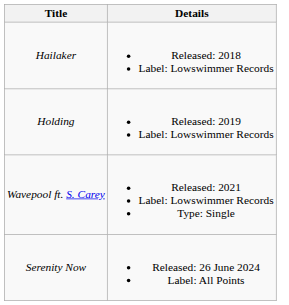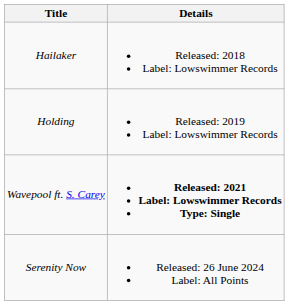 <table class="wikitable plainrowheaders" style="text-align:center;">
 <tr>
 <th rowspan="1" scope="col">Title</th>
 <th rowspan="1" scope="col">Details</th>
 </tr>
 <tr>
 <td scope = "row"><em>Hailaker</em></td>
 <td><br><ul><li>Released: 2018</li><li>Label: Lowswimmer Records</li></ul></td>
 </tr>
 <tr>
 <td scope = "row"><em>Holding</em></td>
 <td><br><ul><li>Released: 2019</li><li>Label: Lowswimmer Records</li></ul></td>
 </tr>
 <tr>
 <td scope = "row"><em>Wavepool ft. <a href='#'>S. Carey</a></em></td>
-<td><br><ul><li>Released: 2021</li><li>Label: Lowswimmer Records</li><li>Type: Single</li></ul></td>
+<td><strong><br><ul><li>Released: 2021</li><li>Label: Lowswimmer Records</li><li>Type: Single</li></ul></strong></td>
 </tr>
 <tr>
 <td scope = "row"><em>Serenity Now</em></td>
 <td><br><ul><li>Released: 26 June 2024</li><li>Label: All Points</li></ul></td>
 </tr>
 </table>
